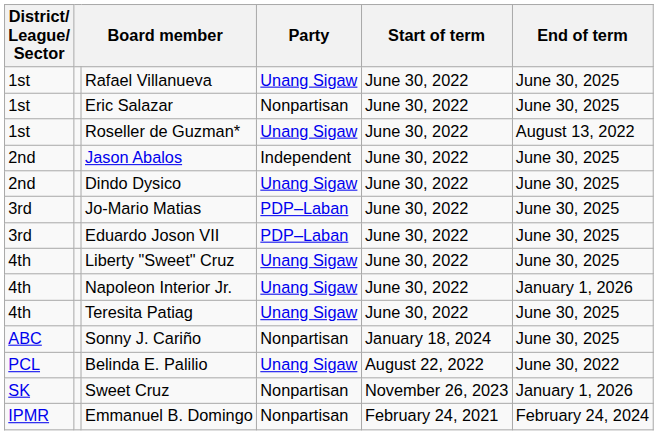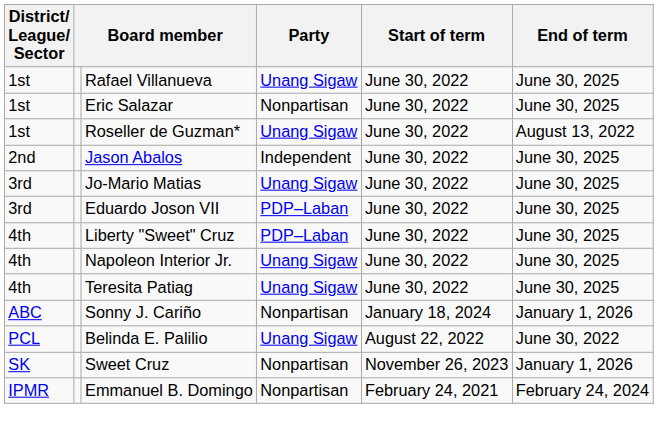 <table class="wikitable">
 <tr>
 <th>District/<br>League/<br>Sector</th>
 <th colspan="2">Board member</th>
 <th>Party</th>
 <th>Start of term</th>
 <th>End of term</th>
 </tr>
 <tr>
 <td>1st</td>
 <td></td>
 <td>Rafael Villanueva</td>
 <td><a href='#'>Unang Sigaw</a></td>
 <td>June 30, 2022</td>
 <td>June 30, 2025</td>
 </tr>
 <tr>
 <td>1st</td>
 <td></td>
 <td>Eric Salazar</td>
 <td>Nonpartisan</td>
 <td>June 30, 2022</td>
 <td>June 30, 2025</td>
 </tr>
 <tr>
 <td>1st</td>
 <td></td>
 <td>Roseller de Guzman*</td>
 <td><a href='#'>Unang Sigaw</a></td>
 <td>June 30, 2022</td>
 <td>August 13, 2022</td>
 </tr>
 <tr>
 <td>2nd</td>
 <td></td>
 <td><a href='#'>Jason Abalos</a></td>
 <td>Independent</td>
 <td>June 30, 2022</td>
 <td>June 30, 2025</td>
 </tr>
 <tr>
-<td>2nd</td>
-<td></td>
-<td>Dindo Dysico</td>
-<td><a href='#'>Unang Sigaw</a></td>
-<td>June 30, 2022</td>
-<td>June 30, 2025</td>
-</tr>
-<tr>
 <td>3rd</td>
 <td></td>
 <td>Jo-Mario Matias</td>
-<td><a href='#'>PDP–Laban</a></td>
+<td><a href='#'>Unang Sigaw</a></td>
 <td>June 30, 2022</td>
 <td>June 30, 2025</td>
 </tr>
 <tr>
 <td>3rd</td>
 <td></td>
 <td>Eduardo Joson VII</td>
 <td><a href='#'>PDP–Laban</a></td>
 <td>June 30, 2022</td>
 <td>June 30, 2025</td>
 </tr>
 <tr>
 <td>4th</td>
 <td></td>
 <td>Liberty "Sweet" Cruz</td>
-<td><a href='#'>Unang Sigaw</a></td>
+<td><a href='#'>PDP–Laban</a></td>
 <td>June 30, 2022</td>
 <td>June 30, 2025</td>
 </tr>
 <tr>
 <td>4th</td>
 <td></td>
 <td>Napoleon Interior Jr.</td>
 <td><a href='#'>Unang Sigaw</a></td>
 <td>June 30, 2022</td>
-<td>January 1, 2026</td>
+<td>June 30, 2025</td>
 </tr>
 <tr>
 <td>4th</td>
 <td></td>
 <td>Teresita Patiag</td>
 <td><a href='#'>Unang Sigaw</a></td>
 <td>June 30, 2022</td>
 <td>June 30, 2025</td>
 </tr>
 <tr>
 <td><a href='#'>ABC</a></td>
 <td></td>
 <td>Sonny J. Cariño</td>
 <td>Nonpartisan</td>
 <td>January 18, 2024</td>
-<td>June 30, 2025</td>
+<td>January 1, 2026</td>
 </tr>
 <tr>
 <td><a href='#'>PCL</a></td>
 <td></td>
 <td>Belinda E. Palilio</td>
 <td><a href='#'>Unang Sigaw</a></td>
 <td>August 22, 2022</td>
 <td>June 30, 2022</td>
 </tr>
 <tr>
 <td><a href='#'>SK</a></td>
 <td></td>
 <td>Sweet Cruz</td>
 <td>Nonpartisan</td>
 <td>November 26, 2023</td>
 <td>January 1, 2026</td>
 </tr>
 <tr>
 <td><a href='#'>IPMR</a></td>
 <td></td>
 <td>Emmanuel B. Domingo</td>
 <td>Nonpartisan</td>
 <td>February 24, 2021</td>
 <td>February 24, 2024</td>
 </tr>
 </table>
